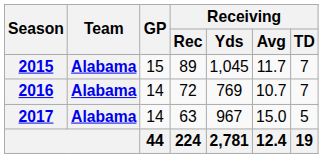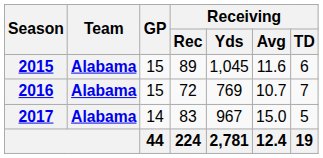 <table class=wikitable style="text-align:center;">
 <tr>
 <th rowspan="2">Season</th>
 <th rowspan="2">Team</th>
 <th rowspan="2">GP</th>
 <th colspan="4">Receiving</th>
 </tr>
 <tr>
 <th>Rec</th>
 <th>Yds</th>
 <th>Avg</th>
 <th>TD</th>
 </tr>
 <tr>
 <th><a href='#'>2015</a></th>
 <th><a href='#'>Alabama</a></th>
 <td>15</td>
 <td>89</td>
 <td>1,045</td>
-<td>11.7</td>
-<td>7</td>
+<td>11.6</td>
+<td>6</td>
 </tr>
 <tr>
 <th><a href='#'>2016</a></th>
 <th><a href='#'>Alabama</a></th>
-<td>14</td>
+<td>15</td>
 <td>72</td>
 <td>769</td>
 <td>10.7</td>
 <td>7</td>
 </tr>
 <tr>
 <th><a href='#'>2017</a></th>
 <th><a href='#'>Alabama</a></th>
 <td>14</td>
-<td>63</td>
+<td>83</td>
 <td>967</td>
 <td>15.0</td>
 <td>5</td>
 </tr>
 <tr>
 <th colspan="2"></th>
 <th>44</th>
 <th>224</th>
 <th>2,781</th>
 <th>12.4</th>
 <th>19</th>
 </tr>
 </table>
